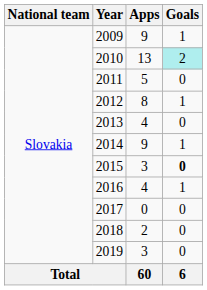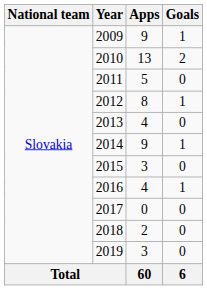 <table class="wikitable" style="text-align:center">
 <tr>
 <th>National team</th>
 <th>Year</th>
 <th>Apps</th>
 <th>Goals</th>
 </tr>
 <tr>
 <td rowspan="11"><a href='#'>Slovakia</a></td>
 <td>2009</td>
 <td>9</td>
 <td>1</td>
 </tr>
 <tr>
 <td>2010</td>
 <td>13</td>
-<td style="background: paleturquoise;">2</td>
+<td>2</td>
 </tr>
 <tr>
 <td>2011</td>
 <td>5</td>
 <td>0</td>
 </tr>
 <tr>
 <td>2012</td>
 <td>8</td>
 <td>1</td>
 </tr>
 <tr>
 <td>2013</td>
 <td>4</td>
 <td>0</td>
 </tr>
 <tr>
 <td>2014</td>
 <td>9</td>
 <td>1</td>
 </tr>
 <tr>
 <td>2015</td>
 <td>3</td>
-<td><strong>0</strong></td>
+<td>0</td>
 </tr>
 <tr>
 <td>2016</td>
 <td>4</td>
 <td>1</td>
 </tr>
 <tr>
 <td>2017</td>
 <td>0</td>
 <td>0</td>
 </tr>
 <tr>
 <td>2018</td>
 <td>2</td>
 <td>0</td>
 </tr>
 <tr>
 <td>2019</td>
 <td>3</td>
 <td>0</td>
 </tr>
 <tr>
 <th colspan="2">Total</th>
 <th>60</th>
 <th>6</th>
 </tr>
 </table>
